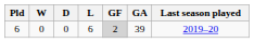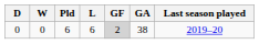 <table class="wikitable" style="font-size:95%; text-align: center;">
 <tr>
+<th width="30">D</th>
+<th width="30">W</th>
 <th width="30">Pld</th>
-<th width="30">W</th>
-<th width="30">D</th>
 <th width="30">L</th>
 <th width="30">GF</th>
 <th width="30">GA</th>
 <th width="140">Last season played</th>
 </tr>
 <tr>
-<td>6</td>
 <td>0</td>
 <td>0</td>
 <td>6</td>
+<td>6</td>
 <td style="background: lightgrey;">2</td>
-<td>39</td>
+<td>38</td>
 <td><a href='#'>2019–20</a></td>
 </tr>
 </table>
